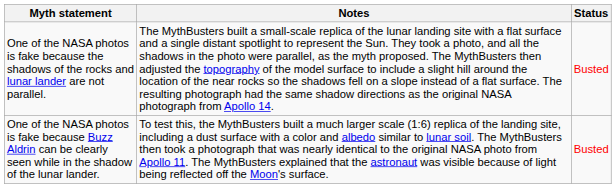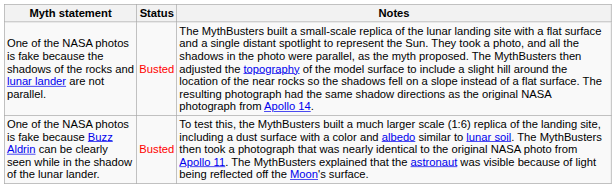 <table class="wikitable plainrowheaders">
 <tr>
 <th>Myth statement</th>
+<th>Status</th>
 <th>Notes</th>
-<th>Status</th>
 </tr>
 <tr>
 <td>One of the NASA photos is fake because the shadows of the rocks and <a href='#'>lunar lander</a> are not parallel.</td>
+<td style="color:red">Busted</td>
 <td>The MythBusters built a small-scale replica of the lunar landing site with a flat surface and a single distant spotlight to represent the Sun. They took a photo, and all the shadows in the photo were parallel, as the myth proposed. The MythBusters then adjusted the <a href='#'>topography</a> of the model surface to include a slight hill around the location of the near rocks so the shadows fell on a slope instead of a flat surface. The resulting photograph had the same shadow directions as the original NASA photograph from <a href='#'>Apollo 14</a>.</td>
-<td style="color:red">Busted</td>
 </tr>
 <tr>
 <td>One of the NASA photos is fake because <a href='#'>Buzz Aldrin</a> can be clearly seen while in the shadow of the lunar lander.</td>
+<td style="color:red">Busted</td>
 <td>To test this, the MythBusters built a much larger scale (1:6) replica of the landing site, including a dust surface with a color and <a href='#'>albedo</a> similar to <a href='#'>lunar soil</a>. The MythBusters then took a photograph that was nearly identical to the original NASA photo from <a href='#'>Apollo 11</a>. The MythBusters explained that the <a href='#'>astronaut</a> was visible because of light being reflected off the <a href='#'>Moon</a>'s surface.</td>
-<td style="color:red">Busted</td>
 </tr>
 </table>
